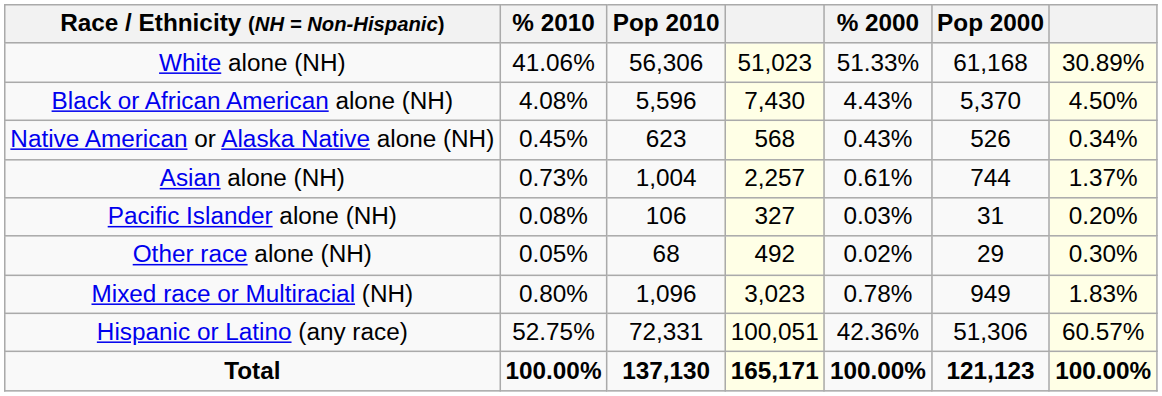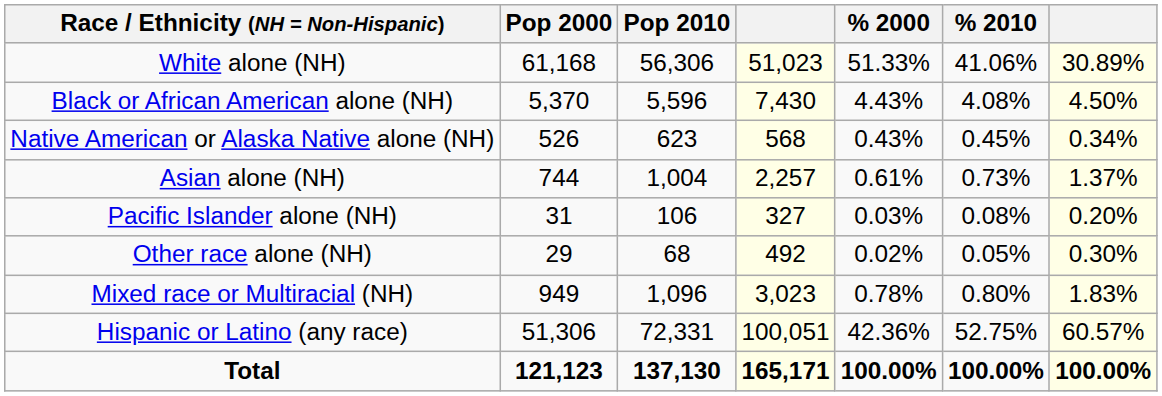 <table class="wikitable" style="text-align:center;">
 <tr>
 <th>Race / Ethnicity <small>(<em>NH = Non-Hispanic</em>)</small></th>
-<th>% 2010</th>
+<th>Pop 2000</th>
 <th>Pop 2010</th>
 <th></th>
 <th>% 2000</th>
-<th>Pop 2000</th>
+<th>% 2010</th>
 <th></th>
 </tr>
 <tr>
 <td><a href='#'>White</a> alone (NH)</td>
-<td>41.06%</td>
+<td>61,168</td>
 <td>56,306</td>
 <td style='background: #ffffe6;'>51,023</td>
 <td>51.33%</td>
-<td>61,168</td>
+<td>41.06%</td>
 <td style='background: #ffffe6;'>30.89%</td>
 </tr>
 <tr>
 <td><a href='#'>Black or African American</a> alone (NH)</td>
-<td>4.08%</td>
+<td>5,370</td>
 <td>5,596</td>
 <td style='background: #ffffe6;'>7,430</td>
 <td>4.43%</td>
-<td>5,370</td>
+<td>4.08%</td>
 <td style='background: #ffffe6;'>4.50%</td>
 </tr>
 <tr>
 <td><a href='#'>Native American</a> or <a href='#'>Alaska Native</a> alone (NH)</td>
-<td>0.45%</td>
+<td>526</td>
 <td>623</td>
 <td style='background: #ffffe6;'>568</td>
 <td>0.43%</td>
-<td>526</td>
+<td>0.45%</td>
 <td style='background: #ffffe6;'>0.34%</td>
 </tr>
 <tr>
 <td><a href='#'>Asian</a> alone (NH)</td>
-<td>0.73%</td>
+<td>744</td>
 <td>1,004</td>
 <td style='background: #ffffe6;'>2,257</td>
 <td>0.61%</td>
-<td>744</td>
+<td>0.73%</td>
 <td style='background: #ffffe6;'>1.37%</td>
 </tr>
 <tr>
 <td><a href='#'>Pacific Islander</a> alone (NH)</td>
-<td>0.08%</td>
+<td>31</td>
 <td>106</td>
 <td style='background: #ffffe6;'>327</td>
 <td>0.03%</td>
-<td>31</td>
+<td>0.08%</td>
 <td style='background: #ffffe6;'>0.20%</td>
 </tr>
 <tr>
 <td><a href='#'>Other race</a> alone (NH)</td>
-<td>0.05%</td>
+<td>29</td>
 <td>68</td>
 <td style='background: #ffffe6;'>492</td>
 <td>0.02%</td>
-<td>29</td>
+<td>0.05%</td>
 <td style='background: #ffffe6;'>0.30%</td>
 </tr>
 <tr>
 <td><a href='#'>Mixed race or Multiracial</a> (NH)</td>
-<td>0.80%</td>
+<td>949</td>
 <td>1,096</td>
 <td style='background: #ffffe6;'>3,023</td>
 <td>0.78%</td>
-<td>949</td>
+<td>0.80%</td>
 <td style='background: #ffffe6;'>1.83%</td>
 </tr>
 <tr>
 <td><a href='#'>Hispanic or Latino</a> (any race)</td>
-<td>52.75%</td>
+<td>51,306</td>
 <td>72,331</td>
 <td style='background: #ffffe6;'>100,051</td>
 <td>42.36%</td>
-<td>51,306</td>
+<td>52.75%</td>
 <td style='background: #ffffe6;'>60.57%</td>
 </tr>
 <tr>
 <td><strong>Total</strong></td>
-<td><strong>100.00%</strong></td>
+<td><strong>121,123</strong></td>
 <td><strong>137,130</strong></td>
 <td style='background: #ffffe6;'><strong>165,171</strong></td>
 <td><strong>100.00%</strong></td>
-<td><strong>121,123</strong></td>
+<td><strong>100.00%</strong></td>
 <td style='background: #ffffe6;'><strong>100.00%</strong></td>
 </tr>
 </table>
